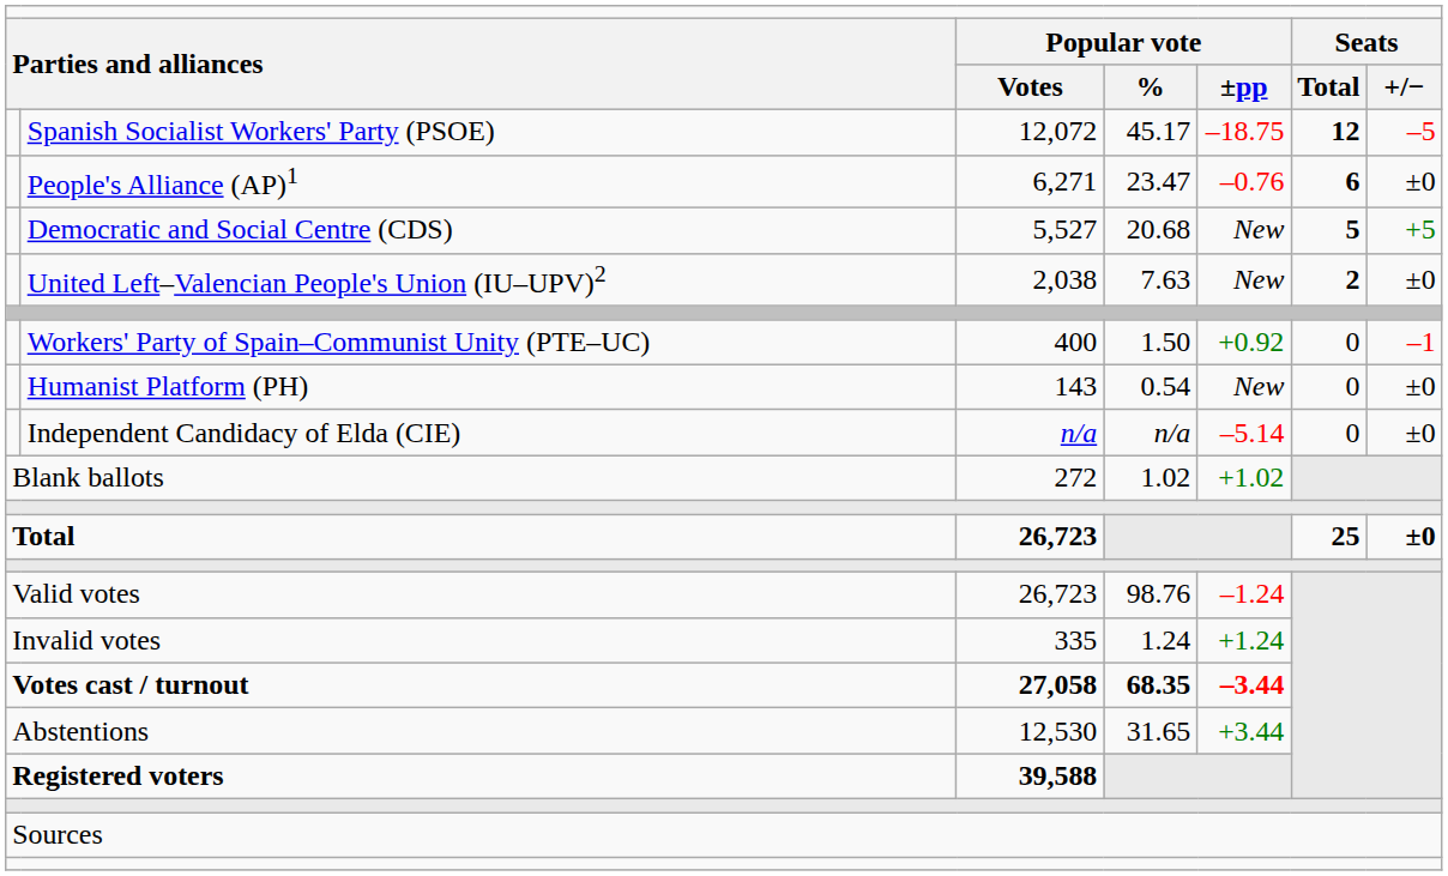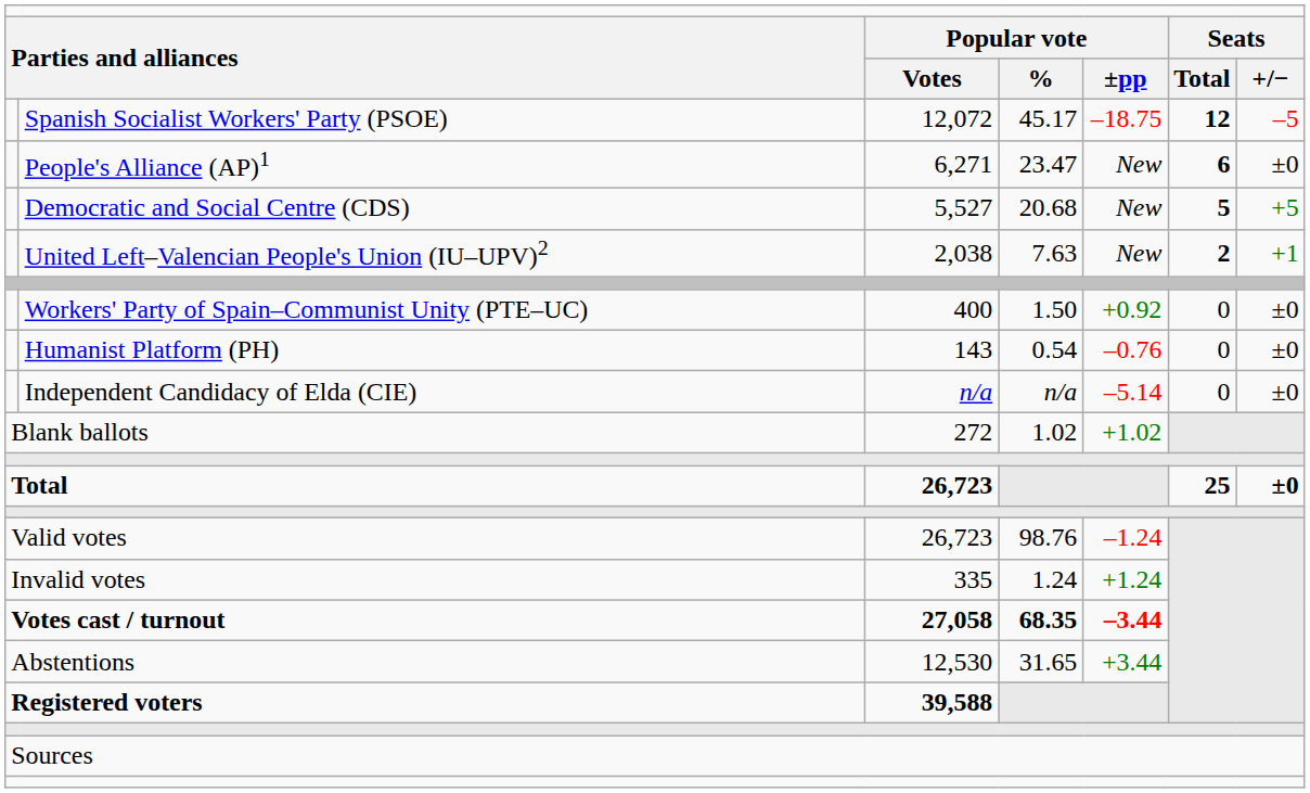 <table class="wikitable" style="text-align:right;">
 <tr>
 <td colspan="7"></td>
 </tr>
 <tr>
 <th style="text-align:left;" rowspan="2" colspan="2" width="525">Parties and alliances</th>
 <th colspan="3">Popular vote</th>
 <th colspan="2">Seats</th>
 </tr>
 <tr>
 <th width="75">Votes</th>
 <th width="45">%</th>
 <th width="45">±<a href='#'>pp</a></th>
 <th width="35">Total</th>
 <th width="35">+/−</th>
 </tr>
 <tr>
 <td width="1" style="color:inherit;background:"></td>
 <td align="left"><a href='#'>Spanish Socialist Workers' Party</a> (PSOE)</td>
 <td>12,072</td>
 <td>45.17</td>
 <td style="color:red;">–18.75</td>
 <td><strong>12</strong></td>
 <td style="color:red;">–5</td>
 </tr>
 <tr>
 <td style="color:inherit;background:"></td>
 <td align="left"><a href='#'>People's Alliance</a> (AP)<sup>1</sup></td>
 <td>6,271</td>
 <td>23.47</td>
-<td style="color:red;">–0.76</td>
+<td><em>New</em></td>
 <td><strong>6</strong></td>
 <td>±0</td>
 </tr>
 <tr>
 <td style="color:inherit;background:"></td>
 <td align="left"><a href='#'>Democratic and Social Centre</a> (CDS)</td>
 <td>5,527</td>
 <td>20.68</td>
 <td><em>New</em></td>
 <td><strong>5</strong></td>
 <td style="color:green;">+5</td>
 </tr>
 <tr>
 <td style="color:inherit;background:"></td>
 <td align="left"><a href='#'>United Left</a>–<a href='#'>Valencian People's Union</a> (IU–UPV)<sup>2</sup></td>
 <td>2,038</td>
 <td>7.63</td>
 <td><em>New</em></td>
 <td><strong>2</strong></td>
-<td>±0</td>
+<td style="color:green;">+1</td>
 </tr>
 <tr>
 <td colspan="7" bgcolor="#C0C0C0"></td>
 </tr>
 <tr>
 <td style="color:inherit;background:"></td>
 <td align="left"><a href='#'>Workers' Party of Spain–Communist Unity</a> (PTE–UC)</td>
 <td>400</td>
 <td>1.50</td>
 <td style="color:green;">+0.92</td>
 <td>0</td>
-<td style="color:red;">–1</td>
+<td>±0</td>
 </tr>
 <tr>
 <td style="color:inherit;background:"></td>
 <td align="left"><a href='#'>Humanist Platform</a> (PH)</td>
 <td>143</td>
 <td>0.54</td>
-<td><em>New</em></td>
+<td style="color:red;">–0.76</td>
 <td>0</td>
 <td>±0</td>
 </tr>
 <tr>
 <td style="color:inherit;background:"></td>
 <td align="left">Independent Candidacy of Elda (CIE)</td>
 <td><em><a href='#'>n/a</a></em></td>
 <td><em>n/a</em></td>
 <td style="color:red;">–5.14</td>
 <td>0</td>
 <td>±0</td>
 </tr>
 <tr>
 <td align="left" colspan="2">Blank ballots</td>
 <td>272</td>
 <td>1.02</td>
 <td style="color:green;">+1.02</td>
 <td bgcolor="#E9E9E9" colspan="2"></td>
 </tr>
 <tr>
 <td colspan="7" bgcolor="#E9E9E9"></td>
 </tr>
 <tr style="font-weight:bold;">
 <td align="left" colspan="2">Total</td>
 <td>26,723</td>
 <td bgcolor="#E9E9E9" colspan="2"></td>
 <td>25</td>
 <td>±0</td>
 </tr>
 <tr>
 <td colspan="7" bgcolor="#E9E9E9"></td>
 </tr>
 <tr>
 <td align="left" colspan="2">Valid votes</td>
 <td>26,723</td>
 <td>98.76</td>
 <td style="color:red;">–1.24</td>
 <td bgcolor="#E9E9E9" colspan="2" rowspan="5"></td>
 </tr>
 <tr>
 <td align="left" colspan="2">Invalid votes</td>
 <td>335</td>
 <td>1.24</td>
 <td style="color:green;">+1.24</td>
 </tr>
 <tr style="font-weight:bold;">
 <td align="left" colspan="2">Votes cast / turnout</td>
 <td>27,058</td>
 <td>68.35</td>
 <td style="color:red;">–3.44</td>
 </tr>
 <tr>
 <td align="left" colspan="2">Abstentions</td>
 <td>12,530</td>
 <td>31.65</td>
 <td style="color:green;">+3.44</td>
 </tr>
 <tr style="font-weight:bold;">
 <td align="left" colspan="2">Registered voters</td>
 <td>39,588</td>
 <td bgcolor="#E9E9E9" colspan="2"></td>
 </tr>
 <tr>
 <td colspan="7" bgcolor="#E9E9E9"></td>
 </tr>
 <tr>
 <td align="left" colspan="7">Sources</td>
 </tr>
 <tr>
 <td colspan="7" style="text-align:left; max-width:790px;"></td>
 </tr>
 </table>
